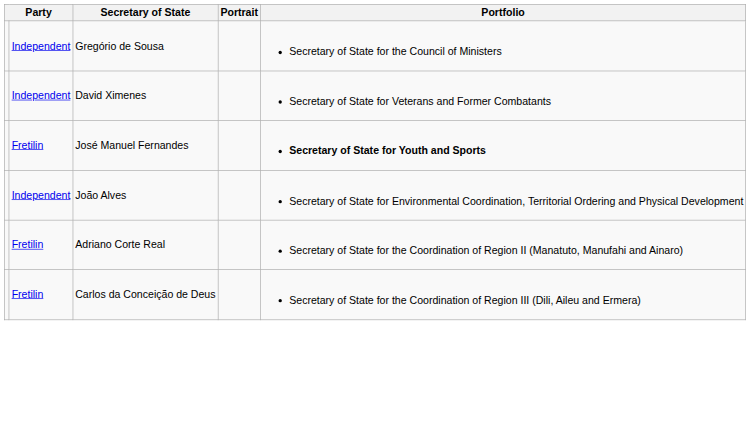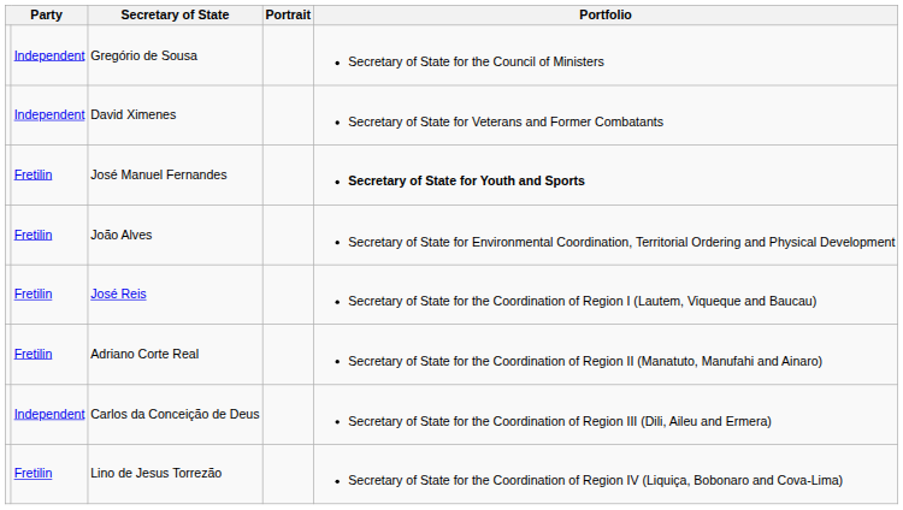 <table class="wikitable sortable">
 <tr>
 <th colspan="2">Party</th>
 <th>Secretary of State</th>
 <th>Portrait</th>
 <th>Portfolio</th>
 </tr>
 <tr>
 <td style="background:"></td>
 <td><a href='#'>Independent</a></td>
 <td>Gregório de Sousa</td>
 <td></td>
 <td><br><ul><li>Secretary of State for the Council of Ministers</li></ul></td>
 </tr>
 <tr>
 <td style="background:"></td>
 <td><a href='#'>Independent</a></td>
 <td>David Ximenes</td>
 <td></td>
 <td><br><ul><li>Secretary of State for Veterans and Former Combatants</li></ul></td>
 </tr>
 <tr>
 <td style="background:"></td>
 <td><a href='#'>Fretilin</a></td>
 <td>José Manuel Fernandes</td>
 <td></td>
 <td><strong><br><ul><li>Secretary of State for Youth and Sports</li></ul></strong></td>
 </tr>
 <tr>
 <td style="background:"></td>
-<td><a href='#'>Independent</a></td>
+<td><a href='#'>Fretilin</a></td>
 <td>João Alves</td>
 <td></td>
 <td><br><ul><li>Secretary of State for Environmental Coordination, Territorial Ordering and Physical Development</li></ul></td>
+</tr>
+<tr>
+<td style="background:"></td>
+<td><a href='#'>Fretilin</a></td>
+<td><a href='#'>José Reis</a></td>
+<td></td>
+<td><br><ul><li>Secretary of State for the Coordination of Region I (Lautem, Viqueque and Baucau)</li></ul></td>
 </tr>
 <tr>
 <td style="background:"></td>
 <td><a href='#'>Fretilin</a></td>
 <td>Adriano Corte Real</td>
 <td></td>
 <td><br><ul><li>Secretary of State for the Coordination of Region II (Manatuto, Manufahi and Ainaro)</li></ul></td>
 </tr>
 <tr>
 <td style="background:"></td>
-<td><a href='#'>Fretilin</a></td>
+<td><a href='#'>Independent</a></td>
 <td>Carlos da Conceição de Deus</td>
 <td></td>
 <td><br><ul><li>Secretary of State for the Coordination of Region III (Dili, Aileu and Ermera)</li></ul></td>
 </tr>
+<tr>
+<td style="background:"></td>
+<td><a href='#'>Fretilin</a></td>
+<td>Lino de Jesus Torrezão</td>
+<td></td>
+<td><br><ul><li>Secretary of State for the Coordination of Region IV (Liquiça, Bobonaro and Cova-Lima)</li></ul></td>
+</tr>
 </table>
